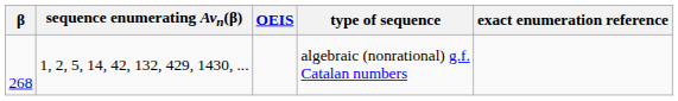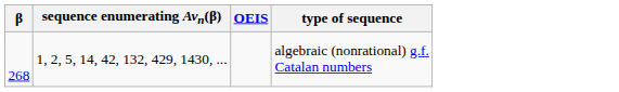 <table class="wikitable" style="text-align:left;" border="1" cell-padding="2">
 <tr>
 <th>β</th>
 <th>sequence enumerating <em>Av<sub>n</sub></em>(β)</th>
 <th><a href='#'>OEIS</a></th>
 <th>type of sequence</th>
-<th>exact enumeration reference</th>
 </tr>
 <tr>
 <td><br> <br> <a href='#'>268</a></td>
 <td>1, 2, 5, 14, 42, 132, 429, 1430, ...</td>
 <td></td>
 <td>algebraic (nonrational) <a href='#'>g.f.</a> <br> <a href='#'>Catalan numbers</a></td>
-<td> <br> </td>
 </tr>
 </table>
